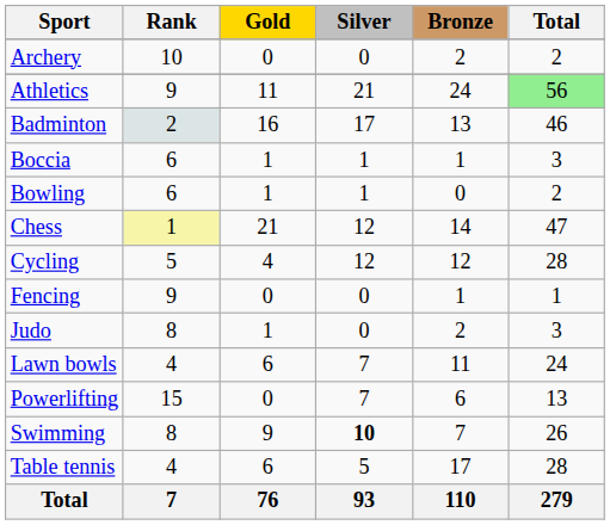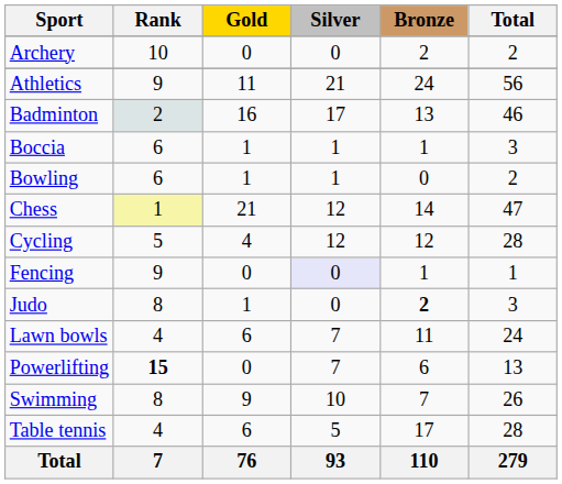 <table class="wikitable sortable" style="margin-top:0em; text-align:center; font-size:100%;">
 <tr>
 <th>Sport</th>
 <th style="width:4em;">Rank</th>
 <th style="background:gold; width:4em;">Gold</th>
 <th style="background:silver; width:4em;">Silver</th>
 <th style="background:#cc9966; width:4em;">Bronze</th>
 <th style="width:4em;">Total</th>
 </tr>
 <tr>
 </tr>
 <tr>
 <td align=left> <a href='#'>Archery</a></td>
 <td>10</td>
 <td>0</td>
 <td>0</td>
 <td>2</td>
 <td>2</td>
 </tr>
 <tr>
 </tr>
 <tr>
 <td align=left> <a href='#'>Athletics</a></td>
 <td>9</td>
 <td>11</td>
 <td>21</td>
 <td>24</td>
-<td style="background: lightgreen;">56</td>
+<td>56</td>
 </tr>
 <tr>
 <td align=left> <a href='#'>Badminton</a></td>
 <td bgcolor=dce5e5>2</td>
 <td>16</td>
 <td>17</td>
 <td>13</td>
 <td>46</td>
 </tr>
 <tr>
 <td align=left> <a href='#'>Boccia</a></td>
 <td>6</td>
 <td>1</td>
 <td>1</td>
 <td>1</td>
 <td>3</td>
 </tr>
 <tr>
 <td align=left> <a href='#'>Bowling</a></td>
 <td>6</td>
 <td>1</td>
 <td>1</td>
 <td>0</td>
 <td>2</td>
 </tr>
 <tr>
 <td align=left> <a href='#'>Chess</a></td>
 <td bgcolor=f7f6a8>1</td>
 <td>21</td>
 <td>12</td>
 <td>14</td>
 <td>47</td>
 </tr>
 <tr>
 <td align=left> <a href='#'>Cycling</a></td>
 <td>5</td>
 <td>4</td>
 <td>12</td>
 <td>12</td>
 <td>28</td>
 </tr>
 <tr>
 <td align=left> <a href='#'>Fencing</a></td>
 <td>9</td>
 <td>0</td>
-<td>0</td>
+<td style="background: lavender;">0</td>
 <td>1</td>
 <td>1</td>
 </tr>
 <tr>
 <td align=left> <a href='#'>Judo</a></td>
 <td>8</td>
 <td>1</td>
 <td>0</td>
-<td>2</td>
+<td><strong>2</strong></td>
 <td>3</td>
 </tr>
 <tr>
 <td align=left> <a href='#'>Lawn bowls</a></td>
 <td>4</td>
 <td>6</td>
 <td>7</td>
 <td>11</td>
 <td>24</td>
 </tr>
 <tr>
 <td align=left> <a href='#'>Powerlifting</a></td>
-<td>15</td>
+<td><strong>15</strong></td>
 <td>0</td>
 <td>7</td>
 <td>6</td>
 <td>13</td>
 </tr>
 <tr>
 <td align=left> <a href='#'>Swimming</a></td>
 <td>8</td>
 <td>9</td>
-<td><strong>10</strong></td>
+<td>10</td>
 <td>7</td>
 <td>26</td>
 </tr>
 <tr>
 <td align=left> <a href='#'>Table tennis</a></td>
 <td>4</td>
 <td>6</td>
 <td>5</td>
 <td>17</td>
 <td>28</td>
 </tr>
 <tr>
 <th>Total</th>
 <th>7</th>
 <th>76</th>
 <th>93</th>
 <th>110</th>
 <th>279</th>
 </tr>
 </table>
